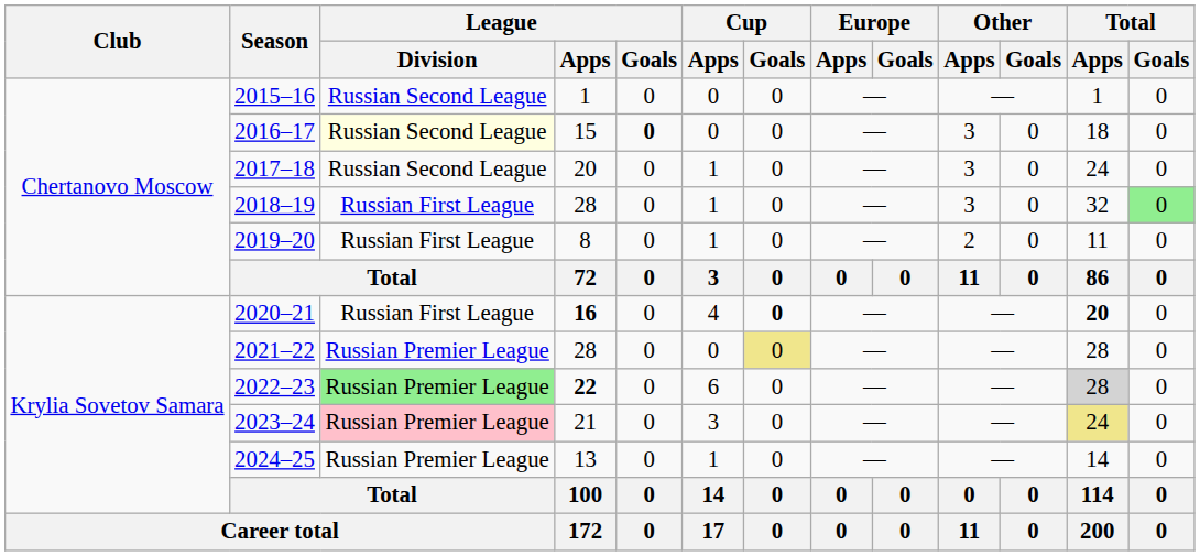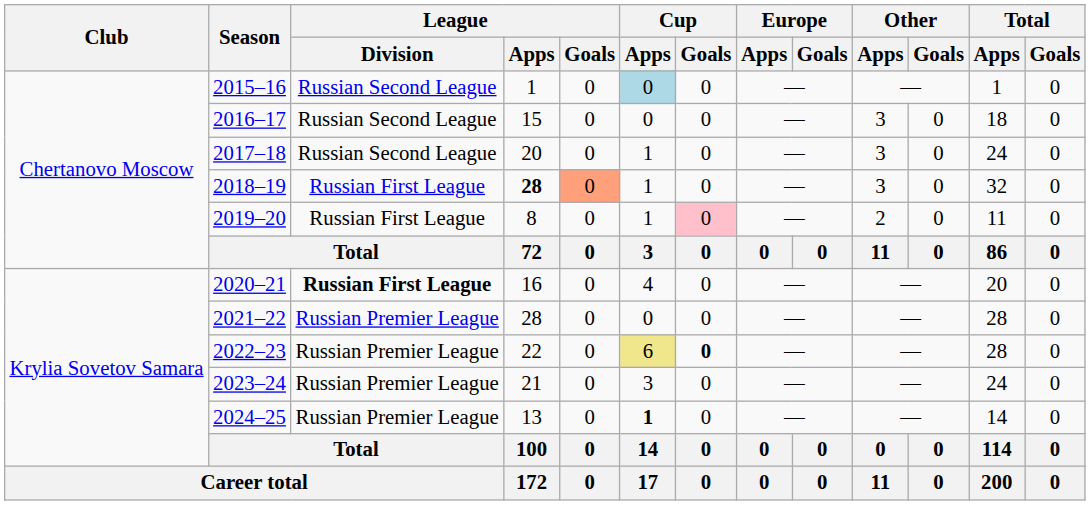 <table class="wikitable" style="text-align: center;">
 <tr>
 <th rowspan="2">Club</th>
 <th rowspan="2">Season</th>
 <th colspan="3">League</th>
 <th colspan="2">Cup</th>
 <th colspan="2">Europe</th>
 <th colspan="2">Other</th>
 <th colspan="2">Total</th>
 </tr>
 <tr>
 <th>Division</th>
 <th>Apps</th>
 <th>Goals</th>
 <th>Apps</th>
 <th>Goals</th>
 <th>Apps</th>
 <th>Goals</th>
 <th>Apps</th>
 <th>Goals</th>
 <th>Apps</th>
 <th>Goals</th>
 </tr>
 <tr>
 <td rowspan="6"><a href='#'>Chertanovo Moscow</a></td>
 <td><a href='#'>2015–16</a></td>
 <td><a href='#'>Russian Second League</a></td>
 <td>1</td>
 <td>0</td>
-<td>0</td>
+<td style="background: lightblue;">0</td>
 <td>0</td>
 <td colspan="2">—</td>
 <td colspan="2">—</td>
 <td>1</td>
 <td>0</td>
 </tr>
 <tr>
 <td><a href='#'>2016–17</a></td>
-<td style="background: lightyellow;">Russian Second League</td>
+<td>Russian Second League</td>
 <td>15</td>
-<td><strong>0</strong></td>
+<td>0</td>
 <td>0</td>
 <td>0</td>
 <td colspan="2">—</td>
 <td>3</td>
 <td>0</td>
 <td>18</td>
 <td>0</td>
 </tr>
 <tr>
 <td><a href='#'>2017–18</a></td>
 <td>Russian Second League</td>
 <td>20</td>
 <td>0</td>
 <td>1</td>
 <td>0</td>
 <td colspan="2">—</td>
 <td>3</td>
 <td>0</td>
 <td>24</td>
 <td>0</td>
 </tr>
 <tr>
 <td><a href='#'>2018–19</a></td>
 <td><a href='#'>Russian First League</a></td>
-<td>28</td>
-<td>0</td>
+<td><strong>28</strong></td>
+<td style="background: lightsalmon;">0</td>
 <td>1</td>
 <td>0</td>
 <td colspan="2">—</td>
 <td>3</td>
 <td>0</td>
 <td>32</td>
-<td style="background: lightgreen;">0</td>
+<td>0</td>
 </tr>
 <tr>
 <td><a href='#'>2019–20</a></td>
 <td>Russian First League</td>
 <td>8</td>
 <td>0</td>
 <td>1</td>
-<td>0</td>
+<td style="background: pink;">0</td>
 <td colspan="2">—</td>
 <td>2</td>
 <td>0</td>
 <td>11</td>
 <td>0</td>
 </tr>
 <tr>
 <th colspan=2>Total</th>
 <th>72</th>
 <th>0</th>
 <th>3</th>
 <th>0</th>
 <th>0</th>
 <th>0</th>
 <th>11</th>
 <th>0</th>
 <th>86</th>
 <th>0</th>
 </tr>
 <tr>
 <td rowspan="6"><a href='#'>Krylia Sovetov Samara</a></td>
 <td><a href='#'>2020–21</a></td>
-<td>Russian First League</td>
-<td><strong>16</strong></td>
+<td><strong>Russian First League</strong></td>
+<td>16</td>
 <td>0</td>
 <td>4</td>
-<td><strong>0</strong></td>
+<td>0</td>
 <td colspan="2">—</td>
 <td colspan="2">—</td>
-<td><strong>20</strong></td>
+<td>20</td>
 <td>0</td>
 </tr>
 <tr>
 <td><a href='#'>2021–22</a></td>
 <td><a href='#'>Russian Premier League</a></td>
 <td>28</td>
 <td>0</td>
 <td>0</td>
-<td style="background: khaki;">0</td>
+<td>0</td>
 <td colspan="2">—</td>
 <td colspan="2">—</td>
 <td>28</td>
 <td>0</td>
 </tr>
 <tr>
 <td><a href='#'>2022–23</a></td>
-<td style="background: lightgreen;">Russian Premier League</td>
-<td><strong>22</strong></td>
+<td>Russian Premier League</td>
+<td>22</td>
 <td>0</td>
-<td>6</td>
-<td>0</td>
+<td style="background: khaki;">6</td>
+<td><strong>0</strong></td>
 <td colspan="2">—</td>
 <td colspan="2">—</td>
-<td style="background: lightgrey;">28</td>
+<td>28</td>
 <td>0</td>
 </tr>
 <tr>
 <td><a href='#'>2023–24</a></td>
-<td style="background: pink;">Russian Premier League</td>
+<td>Russian Premier League</td>
 <td>21</td>
 <td>0</td>
 <td>3</td>
 <td>0</td>
 <td colspan="2">—</td>
 <td colspan="2">—</td>
-<td style="background: khaki;">24</td>
+<td>24</td>
 <td>0</td>
 </tr>
 <tr>
 <td><a href='#'>2024–25</a></td>
 <td>Russian Premier League</td>
 <td>13</td>
 <td>0</td>
-<td>1</td>
+<td><strong>1</strong></td>
 <td>0</td>
 <td colspan="2">—</td>
 <td colspan="2">—</td>
 <td>14</td>
 <td>0</td>
 </tr>
 <tr>
 <th colspan="2">Total</th>
 <th>100</th>
 <th>0</th>
 <th>14</th>
 <th>0</th>
 <th>0</th>
 <th>0</th>
 <th>0</th>
 <th>0</th>
 <th>114</th>
 <th>0</th>
 </tr>
 <tr>
 <th colspan="3">Career total</th>
 <th>172</th>
 <th>0</th>
 <th>17</th>
 <th>0</th>
 <th>0</th>
 <th>0</th>
 <th>11</th>
 <th>0</th>
 <th>200</th>
 <th>0</th>
 </tr>
 </table>
